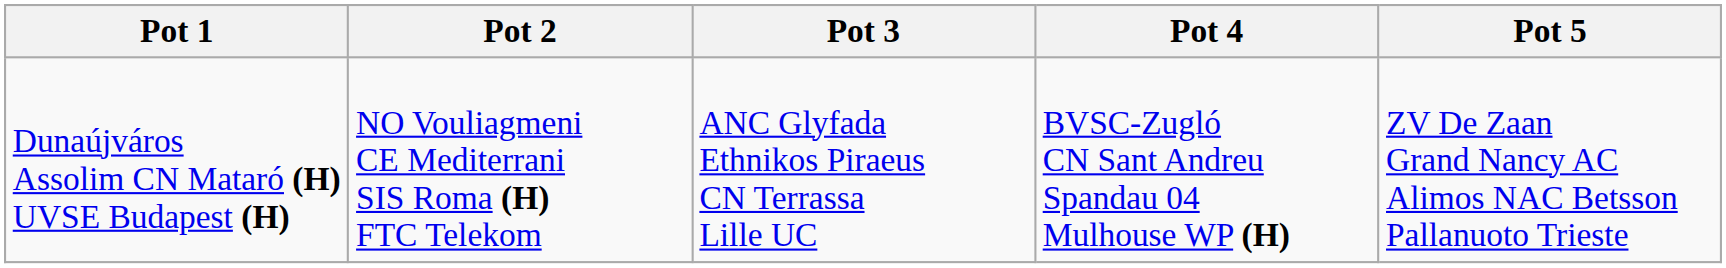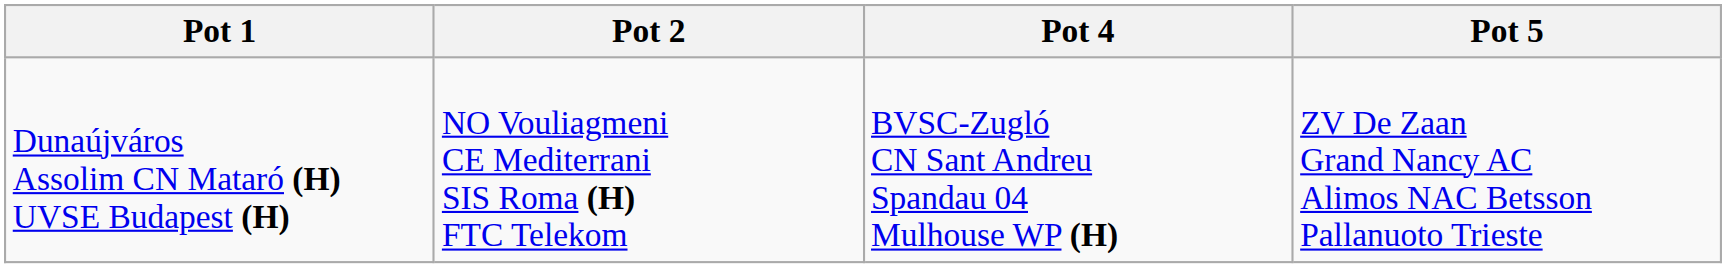 <table class="wikitable collapsible">
 <tr>
 <th width=20%>Pot 1</th>
 <th width=20%>Pot 2</th>
-<th width=20%>Pot 3</th>
 <th width=20%>Pot 4</th>
 <th width=20%>Pot 5</th>
 </tr>
 <tr>
 <td><br> <a href='#'>Dunaújváros</a><br>  <a href='#'>Assolim CN Mataró</a> <strong>(H)</strong><br>  <a href='#'>UVSE Budapest</a> <strong>(H)</strong><br> </td>
 <td><br> <a href='#'>NO Vouliagmeni</a><br>  <a href='#'>CE Mediterrani</a><br>  <a href='#'>SIS Roma</a> <strong>(H)</strong><br>  <a href='#'>FTC Telekom</a></td>
-<td><br> <a href='#'>ANC Glyfada</a><br>  <a href='#'>Ethnikos Piraeus</a><br>  <a href='#'>CN Terrassa</a><br>  <a href='#'>Lille UC</a></td>
 <td><br> <a href='#'>BVSC-Zugló</a><br>  <a href='#'>CN Sant Andreu</a><br>  <a href='#'>Spandau 04</a><br>  <a href='#'>Mulhouse WP</a> <strong>(H)</strong></td>
 <td><br> <a href='#'>ZV De Zaan</a><br>  <a href='#'>Grand Nancy AC</a><br>  <a href='#'>Alimos NAC Betsson</a><br>  <a href='#'>Pallanuoto Trieste</a></td>
 </tr>
 </table>
